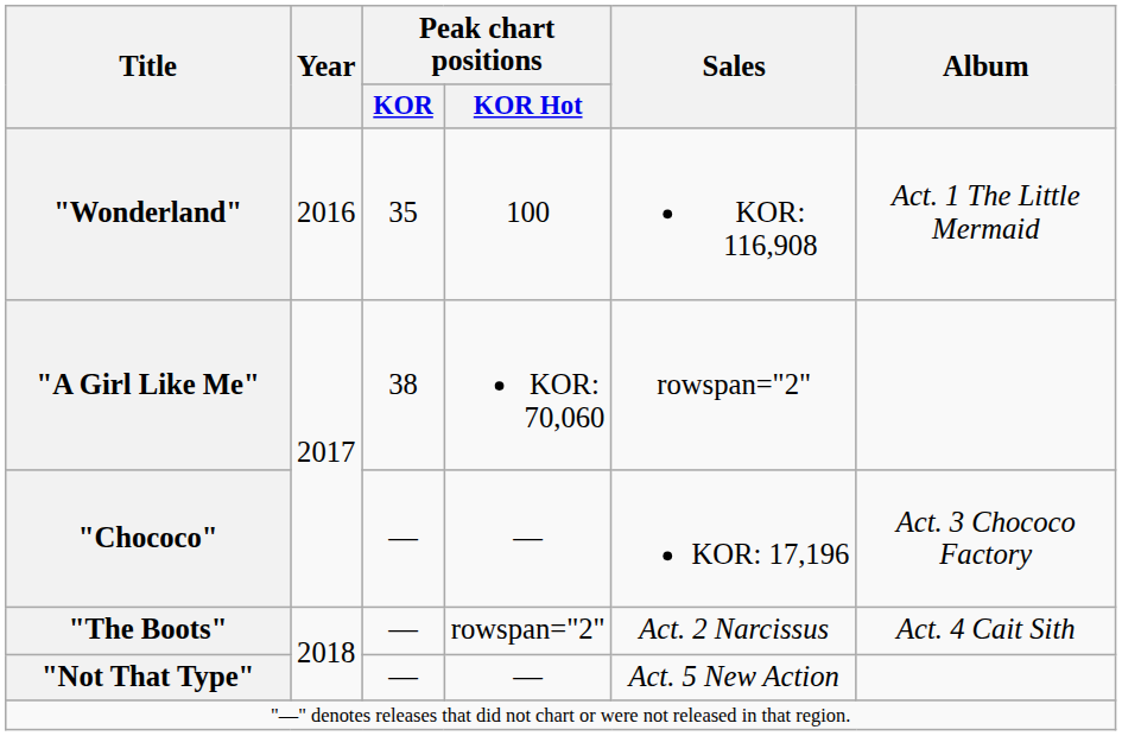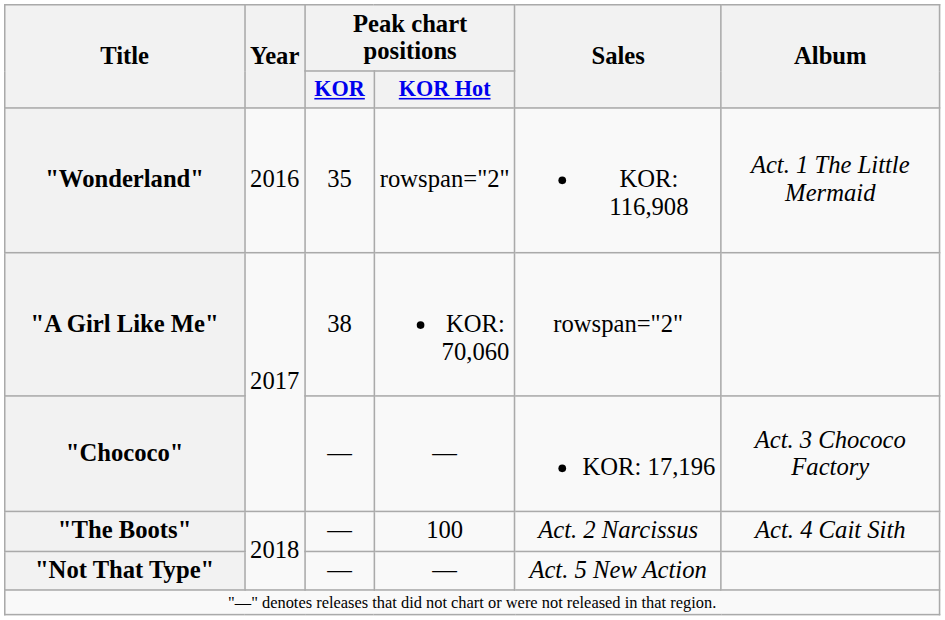 <table class="wikitable plainrowheaders" style="text-align:center;">
 <tr>
 <th scope="col" rowspan="2" style="width:12em;">Title</th>
 <th scope="col" rowspan="2" style="width:1em;">Year</th>
 <th scope="col" colspan="2">Peak chart positions</th>
 <th scope="col" rowspan="2" style="width:10em;">Sales<br></th>
 <th scope="col" rowspan="2" style="width:13em;">Album</th>
 </tr>
 <tr>
 <th scope="col" style="width:3em;font-size:90%"><a href='#'>KOR</a><br></th>
 <th scope="col" style="width:3em;font-size:90%"><a href='#'>KOR Hot</a><br></th>
 </tr>
 <tr>
 <th scope="row">"Wonderland"</th>
 <td>2016</td>
 <td>35</td>
-<td>100</td>
+<td>rowspan="2" </td>
 <td><br><ul><li>KOR: 116,908</li></ul></td>
 <td><em>Act. 1 The Little Mermaid</em></td>
 </tr>
 <tr>
 <th scope="row">"A Girl Like Me" </th>
 <td rowspan="2">2017</td>
 <td>38</td>
 <td><br><ul><li>KOR: 70,060</li></ul></td>
 <td>rowspan="2" </td>
 </tr>
 <tr>
 <th scope="row">"Chococo"</th>
 <td>—</td>
 <td>—</td>
 <td><br><ul><li>KOR: 17,196</li></ul></td>
 <td><em>Act. 3 Chococo Factory</em></td>
 </tr>
 <tr>
 <th scope="row">"The Boots"</th>
 <td rowspan="2">2018</td>
 <td>—</td>
-<td>rowspan="2" </td>
+<td>100</td>
 <td><em>Act. 2 Narcissus</em></td>
 <td><em>Act. 4 Cait Sith</em></td>
 </tr>
 <tr>
 <th scope="row">"Not That Type"</th>
 <td>—</td>
 <td>—</td>
 <td><em>Act. 5 New Action</em></td>
 </tr>
 <tr>
 <td colspan="6" style="font-size:8pt;">"—" denotes releases that did not chart or were not released in that region.</td>
 </tr>
 </table>
